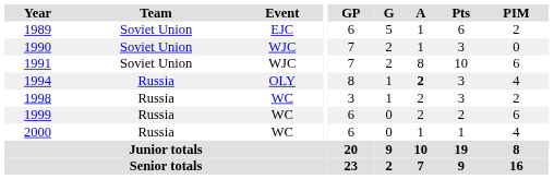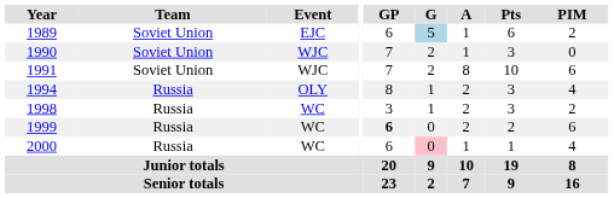 <table border="0" cellpadding="1" cellspacing="0" ID="Table3" style="text-align:center; width:40em">
 <tr bgcolor="#e0e0e0">
 <th>Year</th>
 <th>Team</th>
 <th>Event</th>
 <th rowspan="102" bgcolor="#ffffff"></th>
 <th>GP</th>
 <th>G</th>
 <th>A</th>
 <th>Pts</th>
 <th>PIM</th>
 </tr>
 <tr>
 <td><a href='#'>1989</a></td>
 <td><a href='#'>Soviet Union</a></td>
 <td><a href='#'>EJC</a></td>
 <td>6</td>
-<td>5</td>
+<td style="background: lightblue;">5</td>
 <td>1</td>
 <td>6</td>
 <td>2</td>
 </tr>
 <tr bgcolor="#f0f0f0">
 <td><a href='#'>1990</a></td>
 <td><a href='#'>Soviet Union</a></td>
 <td><a href='#'>WJC</a></td>
 <td>7</td>
 <td>2</td>
 <td>1</td>
 <td>3</td>
 <td>0</td>
 </tr>
 <tr>
 <td><a href='#'>1991</a></td>
 <td>Soviet Union</td>
 <td>WJC</td>
 <td>7</td>
 <td>2</td>
 <td>8</td>
 <td>10</td>
 <td>6</td>
 </tr>
 <tr bgcolor="#f0f0f0">
 <td><a href='#'>1994</a></td>
 <td><a href='#'>Russia</a></td>
 <td><a href='#'>OLY</a></td>
 <td>8</td>
 <td>1</td>
-<td><strong>2</strong></td>
+<td>2</td>
 <td>3</td>
 <td>4</td>
 </tr>
 <tr>
 <td><a href='#'>1998</a></td>
 <td>Russia</td>
 <td><a href='#'>WC</a></td>
 <td>3</td>
 <td>1</td>
 <td>2</td>
 <td>3</td>
 <td>2</td>
 </tr>
 <tr bgcolor="#f0f0f0">
 <td><a href='#'>1999</a></td>
 <td>Russia</td>
 <td>WC</td>
-<td>6</td>
+<td><strong>6</strong></td>
 <td>0</td>
 <td>2</td>
 <td>2</td>
 <td>6</td>
 </tr>
 <tr>
 <td><a href='#'>2000</a></td>
 <td>Russia</td>
 <td>WC</td>
 <td>6</td>
-<td>0</td>
+<td style="background: pink;">0</td>
 <td>1</td>
 <td>1</td>
 <td>4</td>
 </tr>
 <tr bgcolor="#e0e0e0">
 <th colspan="4">Junior totals</th>
 <th>20</th>
 <th>9</th>
 <th>10</th>
 <th>19</th>
 <th>8</th>
 </tr>
 <tr bgcolor="#e0e0e0">
 <th colspan="4">Senior totals</th>
 <th>23</th>
 <th>2</th>
 <th>7</th>
 <th>9</th>
 <th>16</th>
 </tr>
 </table>
